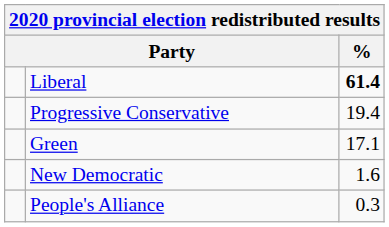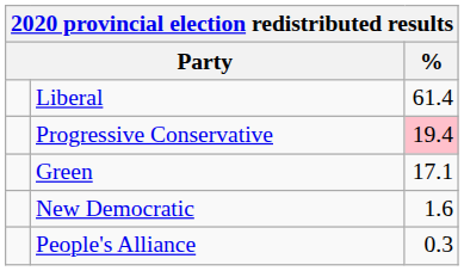 <table class="wikitable">
 <tr>
 <th colspan="4"><a href='#'>2020 provincial election</a> redistributed results</th>
 </tr>
 <tr>
 <th bgcolor="#DDDDFF" width="130px" colspan="2">Party</th>
 <th bgcolor="#DDDDFF" width="30px">%</th>
 </tr>
 <tr>
 <td> </td>
 <td><a href='#'>Liberal</a></td>
-<td align=right><strong>61.4</strong></td>
+<td align=right>61.4</td>
 </tr>
 <tr>
 <td> </td>
 <td><a href='#'>Progressive Conservative</a></td>
-<td align=right>19.4</td>
+<td align=right style="background: pink;">19.4</td>
 </tr>
 <tr>
 <td> </td>
 <td><a href='#'>Green</a></td>
 <td align=right>17.1</td>
 </tr>
 <tr>
 <td> </td>
 <td><a href='#'>New Democratic</a></td>
 <td align=right>1.6</td>
 </tr>
 <tr>
 <td> </td>
 <td><a href='#'>People's Alliance</a></td>
 <td align=right>0.3</td>
 </tr>
 </table>
